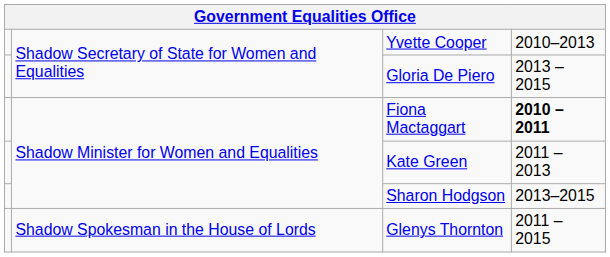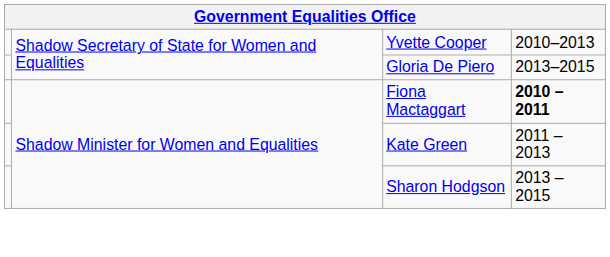 <table class="wikitable">
 <tr>
 <th colspan="4"><a href='#'>Government Equalities Office</a></th>
 </tr>
 <tr>
 <td style="background: "></td>
 <td rowspan="2"><a href='#'>Shadow Secretary of State for Women and Equalities</a></td>
 <td><a href='#'>Yvette Cooper</a></td>
 <td>2010–2013</td>
 </tr>
 <tr>
 <td style="background: "></td>
 <td><a href='#'>Gloria De Piero</a></td>
-<td>2013 – 2015</td>
+<td>2013–2015</td>
 </tr>
 <tr>
 <td style="background: "></td>
 <td rowspan="3"><a href='#'>Shadow Minister for Women and Equalities</a></td>
 <td><a href='#'>Fiona Mactaggart</a></td>
 <td><strong>2010 – 2011</strong></td>
 </tr>
 <tr>
 <td style="background: "></td>
 <td><a href='#'>Kate Green</a></td>
 <td>2011 – 2013</td>
 </tr>
 <tr>
 <td style="background: "></td>
 <td><a href='#'>Sharon Hodgson</a></td>
-<td>2013–2015</td>
-</tr>
-<tr>
-<td style="background: "></td>
-<td><a href='#'>Shadow Spokesman in the House of Lords</a></td>
-<td><a href='#'>Glenys Thornton</a></td>
-<td>2011 – 2015</td>
+<td>2013 – 2015</td>
 </tr>
 </table>
